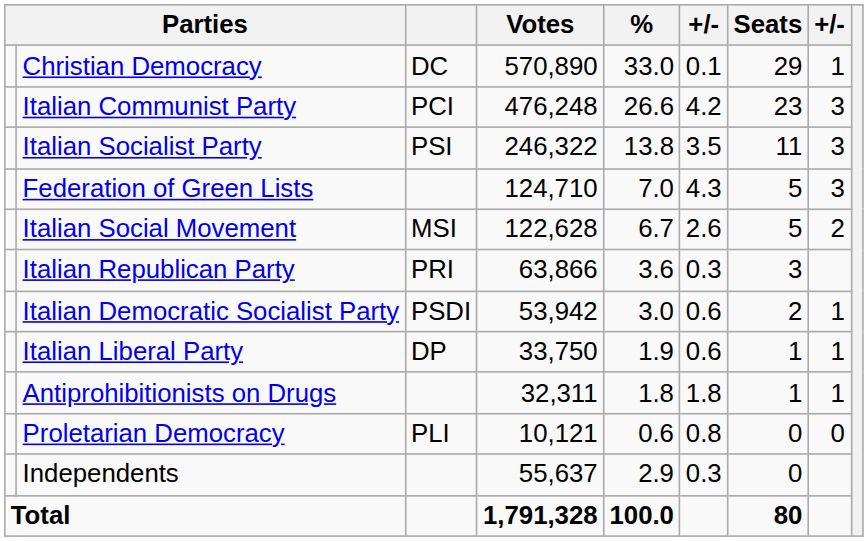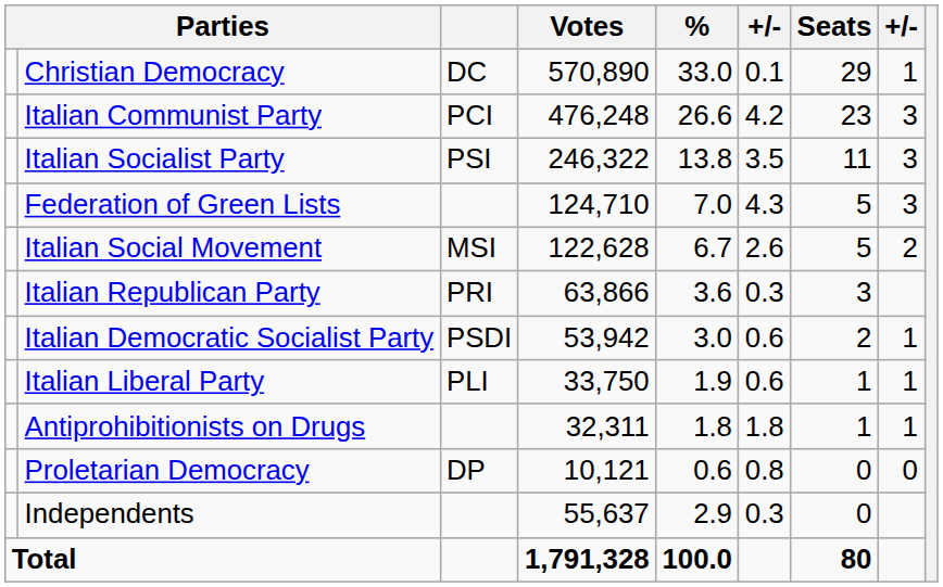 <table class="wikitable">
 <tr>
 <th colspan="2">Parties</th>
 <th></th>
 <th>Votes</th>
 <th>%</th>
 <th>+/-</th>
 <th>Seats</th>
 <th>+/-</th>
 <th rowspan="13"></th>
 </tr>
 <tr>
 <td style="background-color:"></td>
 <td><a href='#'>Christian Democracy</a></td>
 <td>DC</td>
 <td align=right>570,890</td>
 <td align=right>33.0</td>
 <td align=right> 0.1</td>
 <td align=right>29</td>
 <td align=right> 1</td>
 </tr>
 <tr>
 <td style="background-color:"></td>
 <td><a href='#'>Italian Communist Party</a></td>
 <td>PCI</td>
 <td align=right>476,248</td>
 <td align=right>26.6</td>
 <td align=right> 4.2</td>
 <td align=right>23</td>
 <td align=right> 3</td>
 </tr>
 <tr>
 <td style="background-color:"></td>
 <td><a href='#'>Italian Socialist Party</a></td>
 <td>PSI</td>
 <td align=right>246,322</td>
 <td align=right>13.8</td>
 <td align=right> 3.5</td>
 <td align=right>11</td>
 <td align=right> 3</td>
 </tr>
 <tr>
 <td style="background-color:"></td>
 <td><a href='#'>Federation of Green Lists</a></td>
 <td></td>
 <td align=right>124,710</td>
 <td align=right>7.0</td>
 <td align=right> 4.3</td>
 <td align=right>5</td>
 <td align=right> 3</td>
 </tr>
 <tr>
 <td style="background-color:"></td>
 <td><a href='#'>Italian Social Movement</a></td>
 <td>MSI</td>
 <td align=right>122,628</td>
 <td align=right>6.7</td>
 <td align=right> 2.6</td>
 <td align=right>5</td>
 <td align=right> 2</td>
 </tr>
 <tr>
 <td style="background-color:"></td>
 <td><a href='#'>Italian Republican Party</a></td>
 <td>PRI</td>
 <td align=right>63,866</td>
 <td align=right>3.6</td>
 <td align=right> 0.3</td>
 <td align=right>3</td>
 <td align=right></td>
 </tr>
 <tr>
 <td style="background-color:"></td>
 <td><a href='#'>Italian Democratic Socialist Party</a></td>
 <td>PSDI</td>
 <td align=right>53,942</td>
 <td align=right>3.0</td>
 <td align=right> 0.6</td>
 <td align=right>2</td>
 <td align=right> 1</td>
 </tr>
 <tr>
 <td style="background-color:"></td>
 <td><a href='#'>Italian Liberal Party</a></td>
-<td>DP</td>
+<td>PLI</td>
 <td align=right>33,750</td>
 <td align=right>1.9</td>
 <td align=right> 0.6</td>
 <td align=right>1</td>
 <td align=right> 1</td>
 </tr>
 <tr>
 <td style="background-color:"></td>
 <td><a href='#'>Antiprohibitionists on Drugs</a></td>
 <td></td>
 <td align=right>32,311</td>
 <td align=right>1.8</td>
 <td align=right> 1.8</td>
 <td align=right>1</td>
 <td align=right> 1</td>
 </tr>
 <tr>
 <td style="background-color:"></td>
 <td><a href='#'>Proletarian Democracy</a></td>
-<td>PLI</td>
+<td>DP</td>
 <td align=right>10,121</td>
 <td align=right>0.6</td>
 <td align=right> 0.8</td>
 <td align=right>0</td>
 <td align=right> 0</td>
 </tr>
 <tr>
 <td style="background-color:"></td>
 <td>Independents</td>
 <td></td>
 <td align=right>55,637</td>
 <td align=right>2.9</td>
 <td align=right> 0.3</td>
 <td align=right>0</td>
 <td align=right></td>
 </tr>
 <tr>
 <td colspan="2"><strong>Total</strong></td>
 <td></td>
 <td align=right><strong>1,791,328</strong></td>
 <td align=right><strong>100.0</strong></td>
 <td></td>
 <td align=right><strong>80</strong></td>
 <td></td>
 </tr>
 </table>
